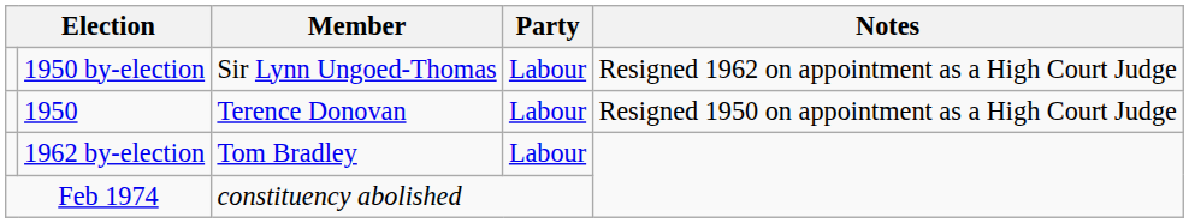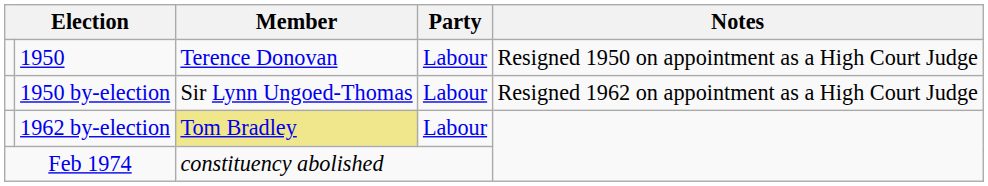 <table class="wikitable">
 <tr>
 <th colspan="2">Election</th>
 <th>Member</th>
 <th>Party</th>
 <th>Notes</th>
+</tr>
+<tr>
+<td style="color:inherit;background-color: "></td>
+<td><a href='#'>1950</a></td>
+<td><a href='#'>Terence Donovan</a></td>
+<td><a href='#'>Labour</a></td>
+<td>Resigned 1950 on appointment as a High Court Judge</td>
 </tr>
 <tr>
 <td style="color:inherit;background-color: "></td>
 <td><a href='#'>1950 by-election</a></td>
 <td>Sir <a href='#'>Lynn Ungoed-Thomas</a></td>
 <td><a href='#'>Labour</a></td>
 <td>Resigned 1962 on appointment as a High Court Judge</td>
 </tr>
 <tr>
 <td style="color:inherit;background-color: "></td>
-<td><a href='#'>1950</a></td>
-<td><a href='#'>Terence Donovan</a></td>
-<td><a href='#'>Labour</a></td>
-<td>Resigned 1950 on appointment as a High Court Judge</td>
-</tr>
-<tr>
-<td style="color:inherit;background-color: "></td>
 <td><a href='#'>1962 by-election</a></td>
-<td><a href='#'>Tom Bradley</a></td>
+<td style="background: khaki;"><a href='#'>Tom Bradley</a></td>
 <td><a href='#'>Labour</a></td>
 </tr>
 <tr>
 <td colspan="2" align="center"><a href='#'>Feb 1974</a></td>
 <td colspan="2"><em>constituency abolished</em></td>
 </tr>
 </table>
